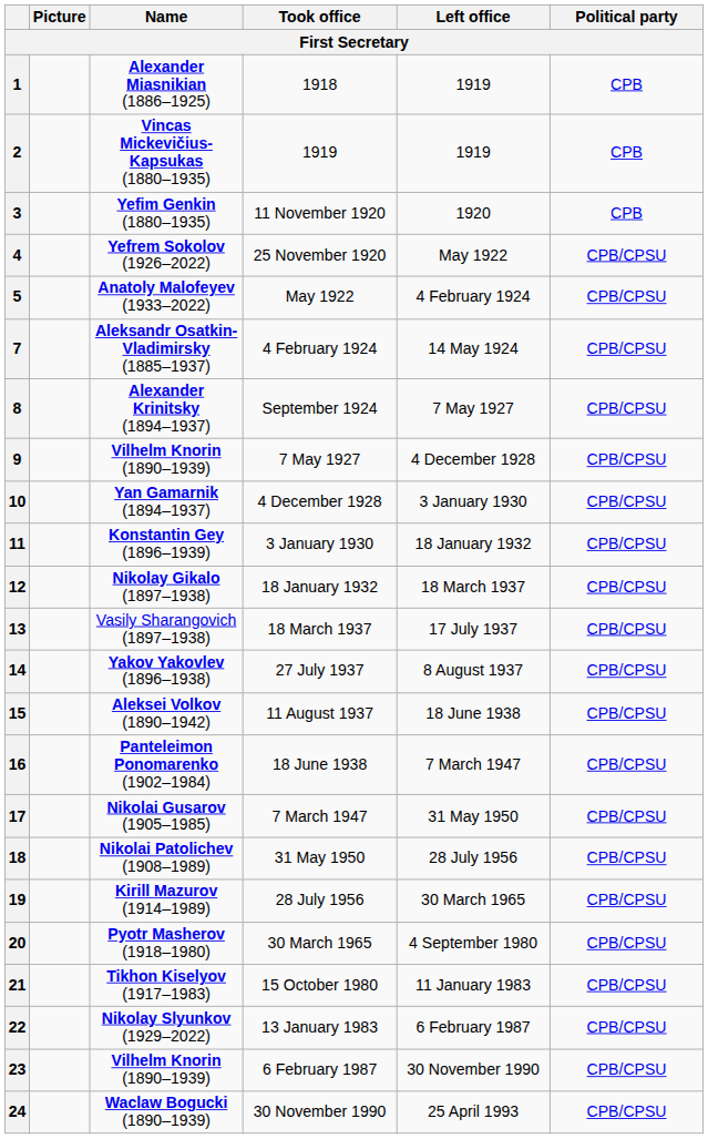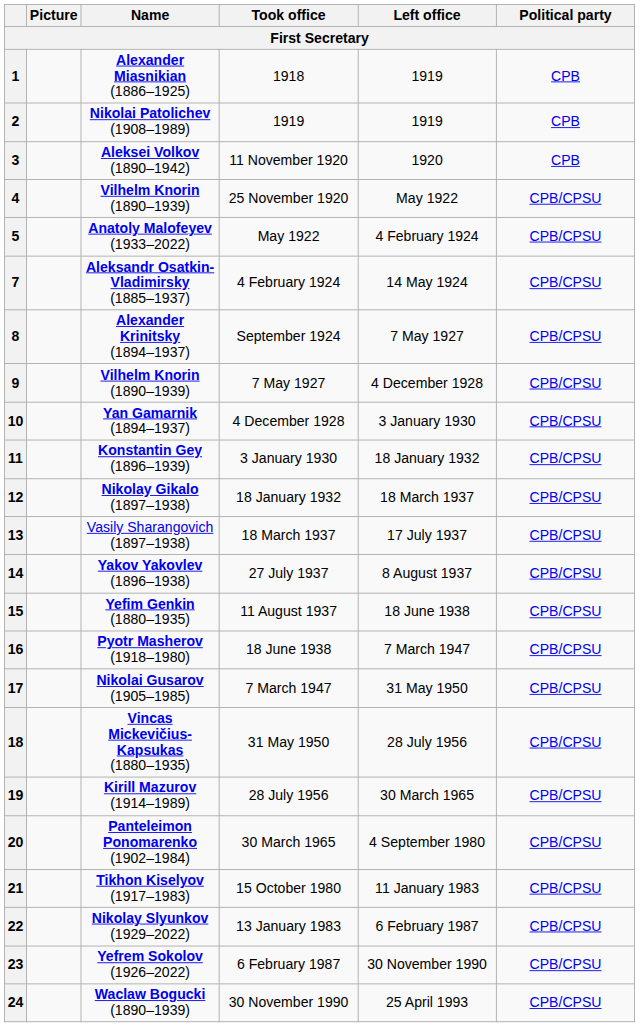 <table class="wikitable" style="text-align:center">
 <tr>
 <th></th>
 <th>Picture</th>
 <th width="150">Name<br></th>
 <th width="150">Took office</th>
 <th width="150">Left office</th>
 <th width="150">Political party</th>
 </tr>
 <tr>
 <th colspan="6" align="center">First Secretary</th>
 </tr>
 <tr>
 <th style="background:">1</th>
 <td></td>
 <td><strong><a href='#'>Alexander Miasnikian</a></strong><br>(1886–1925)</td>
 <td>1918</td>
 <td>1919</td>
 <td><a href='#'>CPB</a></td>
 </tr>
 <tr>
 <th style="background:">2</th>
 <td></td>
-<td><strong><a href='#'>Vincas Mickevičius-Kapsukas</a></strong><br>(1880–1935)</td>
+<td><strong><a href='#'>Nikolai Patolichev</a></strong><br>(1908–1989)</td>
 <td>1919</td>
 <td>1919</td>
 <td><a href='#'>CPB</a></td>
 </tr>
 <tr>
 <th style="background:">3</th>
 <td></td>
-<td><strong><a href='#'>Yefim Genkin</a></strong><br>(1880–1935)</td>
+<td><strong><a href='#'>Aleksei Volkov</a></strong><br>(1890–1942)</td>
 <td>11 November 1920</td>
 <td>1920</td>
 <td><a href='#'>CPB</a></td>
 </tr>
 <tr>
 <th style="background:">4</th>
 <td></td>
-<td><strong><a href='#'>Yefrem Sokolov</a></strong><br>(1926–2022)</td>
+<td><strong><a href='#'>Vilhelm Knorin</a></strong><br>(1890–1939)</td>
 <td>25 November 1920</td>
 <td>May 1922</td>
 <td><a href='#'>CPB/CPSU</a></td>
 </tr>
 <tr>
 <th style="background:">5</th>
 <td></td>
 <td><strong><a href='#'>Anatoly Malofeyev</a></strong><br>(1933–2022)</td>
 <td>May 1922</td>
 <td>4 February 1924</td>
 <td><a href='#'>CPB/CPSU</a></td>
 </tr>
 <tr>
 <th style="background:">7</th>
 <td></td>
 <td><strong><a href='#'>Aleksandr Osatkin-Vladimirsky</a></strong><br>(1885–1937)</td>
 <td>4 February 1924</td>
 <td>14 May 1924</td>
 <td><a href='#'>CPB/CPSU</a></td>
 </tr>
 <tr>
 <th style="background:">8</th>
 <td></td>
 <td><strong><a href='#'>Alexander Krinitsky</a></strong><br>(1894–1937)</td>
 <td>September 1924</td>
 <td>7 May 1927</td>
 <td><a href='#'>CPB/CPSU</a></td>
 </tr>
 <tr>
 <th style="background:">9</th>
 <td></td>
 <td><strong><a href='#'>Vilhelm Knorin</a></strong><br>(1890–1939)</td>
 <td>7 May 1927</td>
 <td>4 December 1928</td>
 <td><a href='#'>CPB/CPSU</a></td>
 </tr>
 <tr>
 <th style="background:">10</th>
 <td></td>
 <td><strong><a href='#'>Yan Gamarnik</a></strong><br>(1894–1937)</td>
 <td>4 December 1928</td>
 <td>3 January 1930</td>
 <td><a href='#'>CPB/CPSU</a></td>
 </tr>
 <tr>
 <th style="background:">11</th>
 <td></td>
 <td><strong><a href='#'>Konstantin Gey</a></strong><br>(1896–1939)</td>
 <td>3 January 1930</td>
 <td>18 January 1932</td>
 <td><a href='#'>CPB/CPSU</a></td>
 </tr>
 <tr>
 <th style="background:">12</th>
 <td></td>
 <td><strong><a href='#'>Nikolay Gikalo</a></strong><br>(1897–1938)</td>
 <td>18 January 1932</td>
 <td>18 March 1937</td>
 <td><a href='#'>CPB/CPSU</a></td>
 </tr>
 <tr>
 <th style="background:">13</th>
 <td></td>
 <td><a href='#'>Vasily Sharangovich</a><br>(1897–1938)</td>
 <td>18 March 1937</td>
 <td>17 July 1937</td>
 <td><a href='#'>CPB/CPSU</a></td>
 </tr>
 <tr>
 <th style="background:">14</th>
 <td></td>
 <td><strong><a href='#'>Yakov Yakovlev</a></strong><br>(1896–1938)</td>
 <td>27 July 1937</td>
 <td>8 August 1937</td>
 <td><a href='#'>CPB/CPSU</a></td>
 </tr>
 <tr>
 <th style="background:">15</th>
 <td></td>
-<td><strong><a href='#'>Aleksei Volkov</a></strong><br>(1890–1942)</td>
+<td><strong><a href='#'>Yefim Genkin</a></strong><br>(1880–1935)</td>
 <td>11 August 1937</td>
 <td>18 June 1938</td>
 <td><a href='#'>CPB/CPSU</a></td>
 </tr>
 <tr>
 <th style="background:">16</th>
 <td></td>
-<td><strong><a href='#'>Panteleimon Ponomarenko</a></strong><br>(1902–1984)</td>
+<td><strong><a href='#'>Pyotr Masherov</a></strong><br>(1918–1980)</td>
 <td>18 June 1938</td>
 <td>7 March 1947</td>
 <td><a href='#'>CPB/CPSU</a></td>
 </tr>
 <tr>
 <th style="background:">17</th>
 <td></td>
 <td><strong><a href='#'>Nikolai Gusarov</a></strong><br>(1905–1985)</td>
 <td>7 March 1947</td>
 <td>31 May 1950</td>
 <td><a href='#'>CPB/CPSU</a></td>
 </tr>
 <tr>
 <th style="background:">18</th>
 <td></td>
-<td><strong><a href='#'>Nikolai Patolichev</a></strong><br>(1908–1989)</td>
+<td><strong><a href='#'>Vincas Mickevičius-Kapsukas</a></strong><br>(1880–1935)</td>
 <td>31 May 1950</td>
 <td>28 July 1956</td>
 <td><a href='#'>CPB/CPSU</a></td>
 </tr>
 <tr>
 <th style="background:">19</th>
 <td></td>
 <td><strong><a href='#'>Kirill Mazurov</a></strong><br>(1914–1989)</td>
 <td>28 July 1956</td>
 <td>30 March 1965</td>
 <td><a href='#'>CPB/CPSU</a></td>
 </tr>
 <tr>
 <th style="background:">20</th>
 <td></td>
-<td><strong><a href='#'>Pyotr Masherov</a></strong><br>(1918–1980)</td>
+<td><strong><a href='#'>Panteleimon Ponomarenko</a></strong><br>(1902–1984)</td>
 <td>30 March 1965</td>
 <td>4 September 1980</td>
 <td><a href='#'>CPB/CPSU</a></td>
 </tr>
 <tr>
 <th style="background:">21</th>
 <td></td>
 <td><strong><a href='#'>Tikhon Kiselyov</a></strong><br>(1917–1983)</td>
 <td>15 October 1980</td>
 <td>11 January 1983</td>
 <td><a href='#'>CPB/CPSU</a></td>
 </tr>
 <tr>
 <th style="background:">22</th>
 <td></td>
 <td><strong><a href='#'>Nikolay Slyunkov</a></strong><br>(1929–2022)</td>
 <td>13 January 1983</td>
 <td>6 February 1987</td>
 <td><a href='#'>CPB/CPSU</a></td>
 </tr>
 <tr>
 <th style="background:">23</th>
 <td></td>
-<td><strong><a href='#'>Vilhelm Knorin</a></strong><br>(1890–1939)</td>
+<td><strong><a href='#'>Yefrem Sokolov</a></strong><br>(1926–2022)</td>
 <td>6 February 1987</td>
 <td>30 November 1990</td>
 <td><a href='#'>CPB/CPSU</a></td>
 </tr>
 <tr>
 <th style="background:">24</th>
 <td></td>
 <td><strong><a href='#'>Waclaw Bogucki</a></strong><br>(1890–1939)</td>
 <td>30 November 1990</td>
 <td>25 April 1993</td>
 <td><a href='#'>CPB/CPSU</a></td>
 </tr>
 </table>
